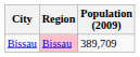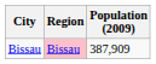 <table class="wikitable sortable sticky-header col3right">
 <tr>
 <th>City</th>
 <th>Region</th>
 <th>Population<br>(2009)</th>
 </tr>
 <tr>
 <td><a href='#'>Bissau</a></td>
 <td style="background: pink;"><a href='#'>Bissau</a></td>
-<td>389,709</td>
+<td>387,909</td>
 </tr>
 </table>
